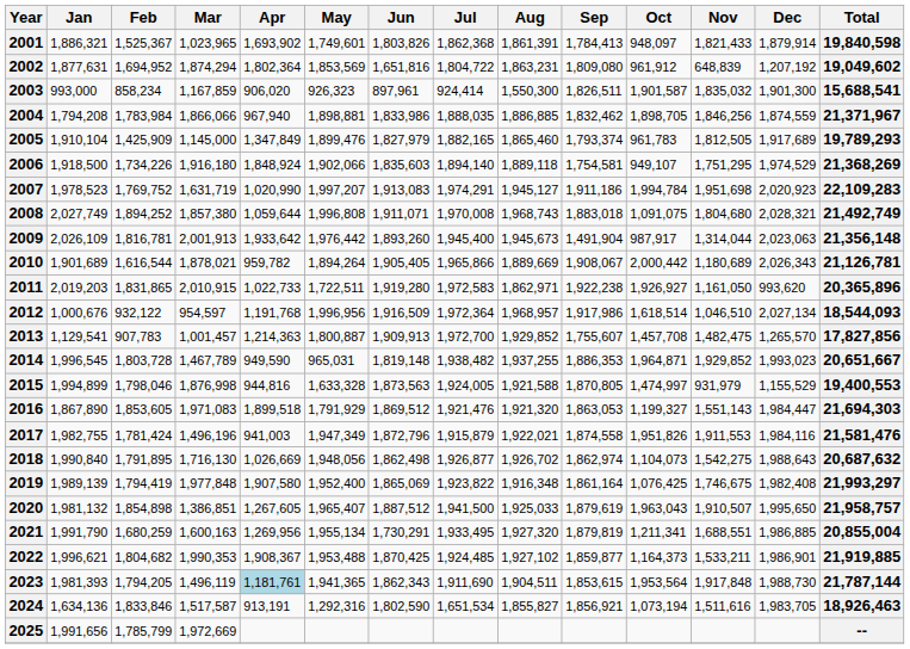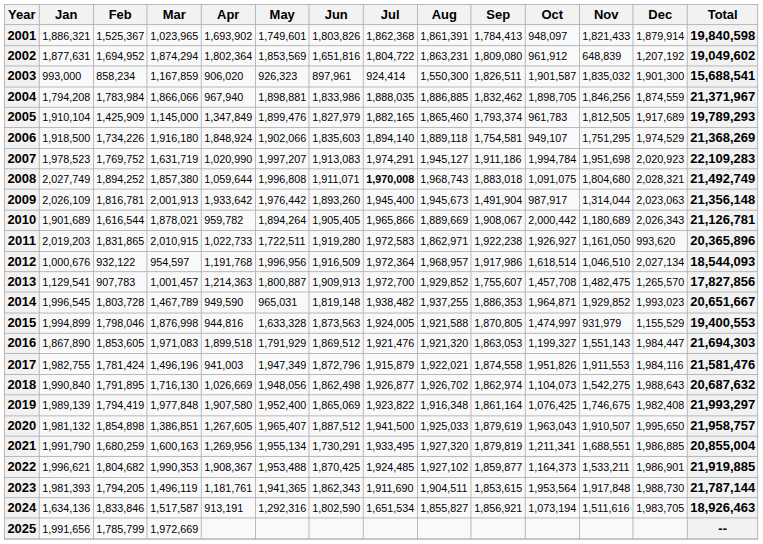 <table class="wikitable">
 <tr>
 <th>Year</th>
 <th>Jan</th>
 <th>Feb</th>
 <th>Mar</th>
 <th>Apr</th>
 <th>May</th>
 <th>Jun</th>
 <th>Jul</th>
 <th>Aug</th>
 <th>Sep</th>
 <th>Oct</th>
 <th>Nov</th>
 <th>Dec</th>
 <th>Total</th>
 </tr>
 <tr>
 <th>2001</th>
 <td><small>1,886,321</small></td>
 <td><small>1,525,367</small></td>
 <td><small>1,023,965</small></td>
 <td><small>1,693,902</small></td>
 <td><small>1,749,601</small></td>
 <td><small>1,803,826</small></td>
 <td><small>1,862,368</small></td>
 <td><small>1,861,391</small></td>
 <td><small>1,784,413</small></td>
 <td><small>948,097</small></td>
 <td><small>1,821,433</small></td>
 <td><small>1,879,914</small></td>
 <th>19,840,598</th>
 </tr>
 <tr>
 <th>2002</th>
 <td><small>1,877,631</small></td>
 <td><small>1,694,952</small></td>
 <td><small>1,874,294</small></td>
 <td><small>1,802,364</small></td>
 <td><small>1,853,569</small></td>
 <td><small>1,651,816</small></td>
 <td><small>1,804,722</small></td>
 <td><small>1,863,231</small></td>
 <td><small>1,809,080</small></td>
 <td><small>961,912</small></td>
 <td><small>648,839</small></td>
 <td><small>1,207,192</small></td>
 <th>19,049,602</th>
 </tr>
 <tr>
 <th>2003</th>
 <td><small>993,000</small></td>
 <td><small>858,234</small></td>
 <td><small>1,167,859</small></td>
 <td><small>906,020</small></td>
 <td><small>926,323</small></td>
 <td><small>897,961</small></td>
 <td><small>924,414</small></td>
 <td><small>1,550,300</small></td>
 <td><small>1,826,511</small></td>
 <td><small>1,901,587</small></td>
 <td><small>1,835,032</small></td>
 <td><small>1,901,300</small></td>
 <th>15,688,541</th>
 </tr>
 <tr>
 <th>2004</th>
 <td><small>1,794,208</small></td>
 <td><small>1,783,984</small></td>
 <td><small>1,866,066</small></td>
 <td><small>967,940</small></td>
 <td><small>1,898,881</small></td>
 <td><small>1,833,986</small></td>
 <td><small>1,888,035</small></td>
 <td><small>1,886,885</small></td>
 <td><small>1,832,462</small></td>
 <td><small>1,898,705</small></td>
 <td><small>1,846,256</small></td>
 <td><small>1,874,559</small></td>
 <th>21,371,967</th>
 </tr>
 <tr>
 <th>2005</th>
 <td><small>1,910,104</small></td>
 <td><small>1,425,909</small></td>
 <td><small>1,145,000</small></td>
 <td><small>1,347,849</small></td>
 <td><small>1,899,476</small></td>
 <td><small>1,827,979</small></td>
 <td><small>1,882,165</small></td>
 <td><small>1,865,460</small></td>
 <td><small>1,793,374</small></td>
 <td><small>961,783</small></td>
 <td><small>1,812,505</small></td>
 <td><small>1,917,689</small></td>
 <th>19,789,293</th>
 </tr>
 <tr>
 <th>2006</th>
 <td><small>1,918,500</small></td>
 <td><small>1,734,226</small></td>
 <td><small>1,916,180</small></td>
 <td><small>1,848,924</small></td>
 <td><small>1,902,066</small></td>
 <td><small>1,835,603</small></td>
 <td><small>1,894,140</small></td>
 <td><small>1,889,118</small></td>
 <td><small>1,754,581</small></td>
 <td><small>949,107</small></td>
 <td><small>1,751,295</small></td>
 <td><small>1,974,529</small></td>
 <th>21,368,269</th>
 </tr>
 <tr>
 <th>2007</th>
 <td><small>1,978,523</small></td>
 <td><small>1,769,752</small></td>
 <td><small>1,631,719</small></td>
 <td><small>1,020,990</small></td>
 <td><small>1,997,207</small></td>
 <td><small>1,913,083</small></td>
 <td><small>1,974,291</small></td>
 <td><small>1,945,127</small></td>
 <td><small>1,911,186</small></td>
 <td><small>1,994,784</small></td>
 <td><small>1,951,698</small></td>
 <td><small>2,020,923</small></td>
 <th>22,109,283</th>
 </tr>
 <tr>
 <th>2008</th>
 <td><small>2,027,749</small></td>
 <td><small>1,894,252</small></td>
 <td><small>1,857,380</small></td>
 <td><small>1,059,644</small></td>
 <td><small>1,996,808</small></td>
 <td><small>1,911,071</small></td>
-<td><small>1,970,008</small></td>
+<td><strong><small>1,970,008</small></strong></td>
 <td><small>1,968,743</small></td>
 <td><small>1,883,018</small></td>
 <td><small>1,091,075</small></td>
 <td><small>1,804,680</small></td>
 <td><small>2,028,321</small></td>
 <th>21,492,749</th>
 </tr>
 <tr>
 <th>2009</th>
 <td><small>2,026,109</small></td>
 <td><small>1,816,781</small></td>
 <td><small>2,001,913</small></td>
 <td><small>1,933,642</small></td>
 <td><small>1,976,442</small></td>
 <td><small>1,893,260</small></td>
 <td><small>1,945,400</small></td>
 <td><small>1,945,673</small></td>
 <td><small>1,491,904</small></td>
 <td><small>987,917</small></td>
 <td><small>1,314,044</small></td>
 <td><small>2,023,063</small></td>
 <th>21,356,148</th>
 </tr>
 <tr>
 <th>2010</th>
 <td><small>1,901,689</small></td>
 <td><small>1,616,544</small></td>
 <td><small>1,878,021</small></td>
 <td><small>959,782</small></td>
 <td><small>1,894,264</small></td>
 <td><small>1,905,405</small></td>
 <td><small>1,965,866</small></td>
 <td><small>1,889,669</small></td>
 <td><small>1,908,067</small></td>
 <td><small>2,000,442</small></td>
 <td><small>1,180,689</small></td>
 <td><small>2,026,343</small></td>
 <th>21,126,781</th>
 </tr>
 <tr>
 <th>2011</th>
 <td><small>2,019,203</small></td>
 <td><small>1,831,865</small></td>
 <td><small>2,010,915</small></td>
 <td><small>1,022,733</small></td>
 <td><small>1,722,511</small></td>
 <td><small>1,919,280</small></td>
 <td><small>1,972,583</small></td>
 <td><small>1,862,971</small></td>
 <td><small>1,922,238</small></td>
 <td><small>1,926,927</small></td>
 <td><small>1,161,050</small></td>
 <td><small>993,620</small></td>
 <th>20,365,896</th>
 </tr>
 <tr>
 <th>2012</th>
 <td><small>1,000,676</small></td>
 <td><small>932,122</small></td>
 <td><small>954,597</small></td>
 <td><small>1,191,768</small></td>
 <td><small>1,996,956</small></td>
 <td><small>1,916,509</small></td>
 <td><small>1,972,364</small></td>
 <td><small>1,968,957</small></td>
 <td><small>1,917,986</small></td>
 <td><small>1,618,514</small></td>
 <td><small>1,046,510</small></td>
 <td><small>2,027,134</small></td>
 <th>18,544,093</th>
 </tr>
 <tr>
 <th>2013</th>
 <td><small>1,129,541</small></td>
 <td><small>907,783</small></td>
 <td><small>1,001,457</small></td>
 <td><small>1,214,363</small></td>
 <td><small>1,800,887</small></td>
 <td><small>1,909,913</small></td>
 <td><small>1,972,700</small></td>
 <td><small>1,929,852</small></td>
 <td><small>1,755,607</small></td>
 <td><small>1,457,708</small></td>
 <td><small>1,482,475</small></td>
 <td><small>1,265,570</small></td>
 <th>17,827,856</th>
 </tr>
 <tr>
 <th>2014</th>
 <td><small>1,996,545</small></td>
 <td><small>1,803,728</small></td>
 <td><small>1,467,789</small></td>
 <td><small>949,590</small></td>
 <td><small>965,031</small></td>
 <td><small>1,819,148</small></td>
 <td><small>1,938,482</small></td>
 <td><small>1,937,255</small></td>
 <td><small>1,886,353</small></td>
 <td><small>1,964,871</small></td>
 <td><small>1,929,852</small></td>
 <td><small>1,993,023</small></td>
 <th>20,651,667</th>
 </tr>
 <tr>
 <th>2015</th>
 <td><small>1,994,899</small></td>
 <td><small>1,798,046</small></td>
 <td><small>1,876,998</small></td>
 <td><small>944,816</small></td>
 <td><small>1,633,328</small></td>
 <td><small>1,873,563</small></td>
 <td><small>1,924,005</small></td>
 <td><small>1,921,588</small></td>
 <td><small>1,870,805</small></td>
 <td><small>1,474,997</small></td>
 <td><small>931,979</small></td>
 <td><small>1,155,529</small></td>
 <th>19,400,553</th>
 </tr>
 <tr>
 <th>2016</th>
 <td><small>1,867,890</small></td>
 <td><small>1,853,605</small></td>
 <td><small>1,971,083</small></td>
 <td><small>1,899,518</small></td>
 <td><small>1,791,929</small></td>
 <td><small>1,869,512</small></td>
 <td><small>1,921,476</small></td>
 <td><small>1,921,320</small></td>
 <td><small>1,863,053</small></td>
 <td><small>1,199,327</small></td>
 <td><small>1,551,143</small></td>
 <td><small>1,984,447</small></td>
 <th>21,694,303</th>
 </tr>
 <tr>
 <th>2017</th>
 <td><small>1,982,755</small></td>
 <td><small>1,781,424</small></td>
 <td><small>1,496,196</small></td>
 <td><small>941,003</small></td>
 <td><small>1,947,349</small></td>
 <td><small>1,872,796</small></td>
 <td><small>1,915,879</small></td>
 <td><small>1,922,021</small></td>
 <td><small>1,874,558</small></td>
 <td><small>1,951,826</small></td>
 <td><small>1,911,553</small></td>
 <td><small>1,984,116</small></td>
 <th>21,581,476</th>
 </tr>
 <tr>
 <th>2018</th>
 <td><small>1,990,840</small></td>
 <td><small>1,791,895</small></td>
 <td><small>1,716,130</small></td>
 <td><small>1,026,669</small></td>
 <td><small>1,948,056</small></td>
 <td><small>1,862,498</small></td>
 <td><small>1,926,877</small></td>
 <td><small>1,926,702</small></td>
 <td><small>1,862,974</small></td>
 <td><small>1,104,073</small></td>
 <td><small>1,542,275</small></td>
 <td><small>1,988,643</small></td>
 <th>20,687,632</th>
 </tr>
 <tr>
 <th>2019</th>
 <td><small>1,989,139</small></td>
 <td><small>1,794,419</small></td>
 <td><small>1,977,848</small></td>
 <td><small>1,907,580</small></td>
 <td><small>1,952,400</small></td>
 <td><small>1,865,069</small></td>
 <td><small>1,923,822</small></td>
 <td><small>1,916,348</small></td>
 <td><small>1,861,164</small></td>
 <td><small>1,076,425</small></td>
 <td><small>1,746,675</small></td>
 <td><small>1,982,408</small></td>
 <th>21,993,297</th>
 </tr>
 <tr>
 <th>2020</th>
 <td><small>1,981,132</small></td>
 <td><small>1,854,898</small></td>
 <td><small>1,386,851</small></td>
 <td><small>1,267,605</small></td>
 <td><small>1,965,407</small></td>
 <td><small>1,887,512</small></td>
 <td><small>1,941,500</small></td>
 <td><small>1,925,033</small></td>
 <td><small>1,879,619</small></td>
 <td><small>1,963,043</small></td>
 <td><small>1,910,507</small></td>
 <td><small>1,995,650</small></td>
 <th>21,958,757</th>
 </tr>
 <tr>
 <th>2021</th>
 <td><small>1,991,790</small></td>
 <td><small>1,680,259</small></td>
 <td><small>1,600,163</small></td>
 <td><small>1,269,956</small></td>
 <td><small>1,955,134</small></td>
 <td><small>1,730,291</small></td>
 <td><small>1,933,495</small></td>
 <td><small>1,927,320</small></td>
 <td><small>1,879,819</small></td>
 <td><small>1,211,341</small></td>
 <td><small>1,688,551</small></td>
 <td><small>1,986,885</small></td>
 <th>20,855,004</th>
 </tr>
 <tr>
 <th>2022</th>
 <td><small>1,996,621</small></td>
 <td><small>1,804,682</small></td>
 <td><small>1,990,353</small></td>
 <td><small>1,908,367</small></td>
 <td><small>1,953,488</small></td>
 <td><small>1,870,425</small></td>
 <td><small>1,924,485</small></td>
 <td><small>1,927,102</small></td>
 <td><small>1,859,877</small></td>
 <td><small>1,164,373</small></td>
 <td><small>1,533,211</small></td>
 <td><small>1,986,901</small></td>
 <th>21,919,885</th>
 </tr>
 <tr>
 <th>2023</th>
 <td><small>1,981,393</small></td>
 <td><small>1,794,205</small></td>
 <td><small>1,496,119</small></td>
-<td style="background: lightblue;"><small>1,181,761</small></td>
+<td><small>1,181,761</small></td>
 <td><small>1,941,365</small></td>
 <td><small>1,862,343</small></td>
 <td><small>1,911,690</small></td>
 <td><small>1,904,511</small></td>
 <td><small>1,853,615</small></td>
 <td><small>1,953,564</small></td>
 <td><small>1,917,848</small></td>
 <td><small>1,988,730</small></td>
 <th>21,787,144</th>
 </tr>
 <tr>
 <th>2024</th>
 <td><small>1,634,136</small></td>
 <td><small>1,833,846</small></td>
 <td><small>1,517,587</small></td>
 <td><small>913,191</small></td>
 <td><small>1,292,316</small></td>
 <td><small>1,802,590</small></td>
 <td><small>1,651,534</small></td>
 <td><small>1,855,827</small></td>
 <td><small>1,856,921</small></td>
 <td><small>1,073,194</small></td>
 <td><small>1,511,616</small></td>
 <td><small>1,983,705</small></td>
 <th>18,926,463</th>
 </tr>
 <tr>
 <th>2025</th>
 <td><small>1,991,656</small></td>
 <td><small>1,785,799</small></td>
 <td><small>1,972,669</small></td>
 <td><small></small></td>
 <td><small></small></td>
 <td><small></small></td>
 <td><small></small></td>
 <td><small></small></td>
 <td><small></small></td>
 <td><small></small></td>
 <td><small></small></td>
 <td><small></small></td>
 <th>--</th>
 </tr>
 <tr>
 </tr>
 </table>
